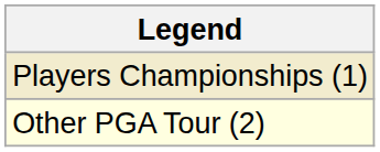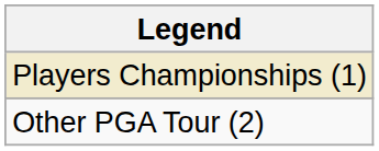 <table class="wikitable" style="font-size:95%;">
 <tr>
 <th>Legend</th>
 </tr>
 <tr style="background:#f2ecce;">
 <td>Players Championships (1)</td>
 </tr>
 <tr>
-<td style="background: lightyellow;">Other PGA Tour (2)</td>
+<td>Other PGA Tour (2)</td>
 </tr>
 </table>
